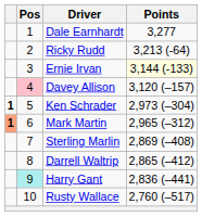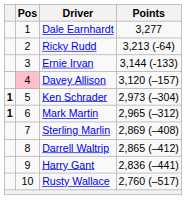 <table class="wikitable" style="font-size: 95%;">
 <tr>
 <th></th>
 <th>Pos</th>
 <th>Driver</th>
 <th>Points</th>
 </tr>
 <tr>
 <td align="left"></td>
 <td style="text-align:center;">1</td>
 <td><a href='#'>Dale Earnhardt</a></td>
 <td style="text-align:center;">3,277</td>
 </tr>
 <tr>
 <td align="left"></td>
 <td style="text-align:center;">2</td>
 <td><a href='#'>Ricky Rudd</a></td>
 <td style="text-align:center;">3,213 (-64)</td>
 </tr>
 <tr>
 <td align="left"></td>
 <td style="text-align:center;">3</td>
 <td><a href='#'>Ernie Irvan</a></td>
-<td style="background: lightyellow; text-align:center;">3,144 (-133)</td>
+<td style="text-align:center;">3,144 (-133)</td>
 </tr>
 <tr>
 <td align="left"></td>
 <td style="background: pink; text-align:center;">4</td>
 <td><a href='#'>Davey Allison</a></td>
 <td style="text-align:center;">3,120 (–157)</td>
 </tr>
 <tr>
 <td align="left">  <strong>1</strong></td>
 <td style="text-align:center;">5</td>
 <td><a href='#'>Ken Schrader</a></td>
 <td style="text-align:center;">2,973 (–304)</td>
 </tr>
 <tr>
-<td align="left" style="background: lightsalmon;">  <strong>1</strong></td>
+<td align="left">  <strong>1</strong></td>
 <td style="text-align:center;">6</td>
 <td><a href='#'>Mark Martin</a></td>
 <td style="text-align:center;">2,965 (–312)</td>
 </tr>
 <tr>
 <td align="left"></td>
 <td style="text-align:center;">7</td>
 <td><a href='#'>Sterling Marlin</a></td>
 <td style="text-align:center;">2,869 (–408)</td>
 </tr>
 <tr>
 <td align="left"></td>
 <td style="text-align:center;">8</td>
 <td><a href='#'>Darrell Waltrip</a></td>
 <td style="text-align:center;">2,865 (–412)</td>
 </tr>
 <tr>
 <td align="left"></td>
-<td style="background: paleturquoise; text-align:center;">9</td>
+<td style="text-align:center;">9</td>
 <td><a href='#'>Harry Gant</a></td>
 <td style="text-align:center;">2,836 (–441)</td>
 </tr>
 <tr>
 <td align="left"></td>
 <td style="text-align:center;">10</td>
 <td><a href='#'>Rusty Wallace</a></td>
 <td style="text-align:center;">2,760 (–517)</td>
 </tr>
 <tr class="sortbottom">
 <th colspan="9"></th>
 </tr>
 </table>
